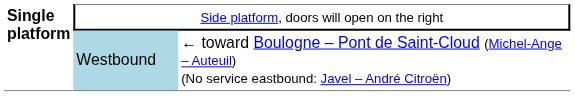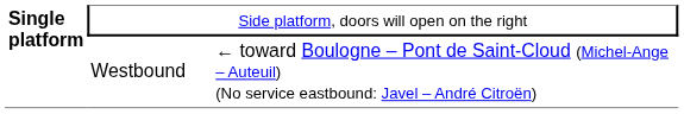 <table table border=0 cellspacing=0 cellpadding=3>
 <tr>
 <td style="border-bottom:solid 1px gray;" width=50 rowspan=10 valign=top><strong>Single platform</strong></td>
 <td style="border-top:solid 1px gray;border-right:solid 2px black;border-left:solid 2px black;border-bottom:solid 2px black;text-align:center;" colspan=2><small><a href='#'>Side platform</a>, doors will open on the right</small></td>
 </tr>
 <tr>
-<td style="background: lightblue; border-bottom:solid 1px gray;" width=100>Westbound</td>
+<td style="border-bottom:solid 1px gray;" width=100>Westbound</td>
 <td style="border-bottom:solid 1px gray;" width=390>←   toward <a href='#'>Boulogne – Pont de Saint-Cloud</a> <small>(<a href='#'>Michel-Ange – Auteuil</a>)</small><br><small>(No service eastbound: <a href='#'>Javel – André Citroën</a>)</small></td>
 </tr>
 </table>
